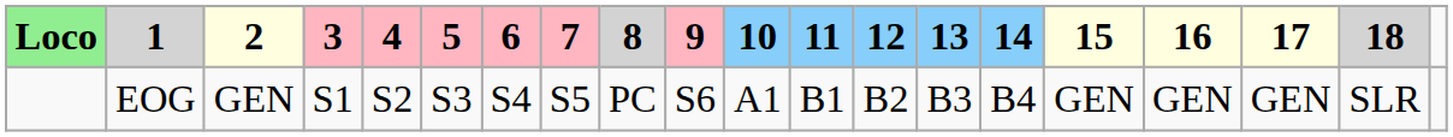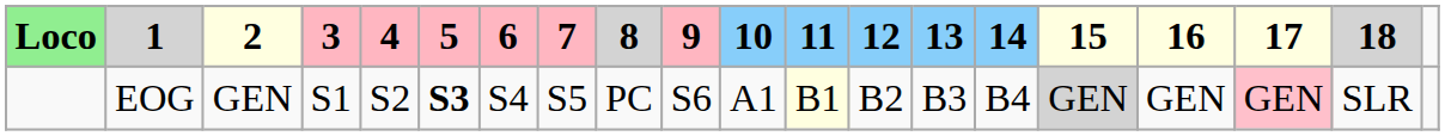 <table class="wikitable plainrowheaders unsortable" style="text-align:center">
 <tr>
 <th scope="col" rowspan="1" style="background:lightgreen;">Loco</th>
 <th scope="col" rowspan="1" style="background:lightgrey;">1</th>
 <th scope="col" rowspan="1" style="background:lightyellow;">2</th>
 <th scope="col" rowspan="1" style="background:lightpink;">3</th>
 <th scope="col" rowspan="1" style="background:lightpink;">4</th>
 <th scope="col" rowspan="1" style="background:lightpink;">5</th>
 <th scope="col" rowspan="1" style="background:lightpink;">6</th>
 <th scope="col" rowspan="1" style="background:lightpink;">7</th>
 <th scope="col" rowspan="1" style="background:lightgrey;">8</th>
 <th scope="col" rowspan="1" style="background:lightpink;">9</th>
 <th scope="col" rowspan="1" style="background:lightskyblue;">10</th>
 <th scope="col" rowspan="1" style="background:lightskyblue;">11</th>
 <th scope="col" rowspan="1" style="background:lightskyblue;">12</th>
 <th scope="col" rowspan="1" style="background:lightskyblue;">13</th>
 <th scope="col" rowspan="1" style="background:lightskyblue;">14</th>
 <th scope="col" rowspan="1" style="background:lightyellow;">15</th>
 <th scope="col" rowspan="1" style="background:lightyellow;">16</th>
 <th scope="col" rowspan="1" style="background:lightyellow;">17</th>
 <th scope="col" rowspan="1" style="background:lightgrey;">18</th>
 </tr>
 <tr>
 <td></td>
 <td>EOG</td>
 <td>GEN</td>
 <td>S1</td>
 <td>S2</td>
-<td>S3</td>
+<td><strong>S3</strong></td>
 <td>S4</td>
 <td>S5</td>
 <td>PC</td>
 <td>S6</td>
 <td>A1</td>
-<td>B1</td>
+<td style="background: lightyellow;">B1</td>
 <td>B2</td>
 <td>B3</td>
 <td>B4</td>
+<td style="background: lightgrey;">GEN</td>
 <td>GEN</td>
-<td>GEN</td>
-<td>GEN</td>
+<td style="background: pink;">GEN</td>
 <td>SLR</td>
 <td></td>
 </tr>
 </table>
